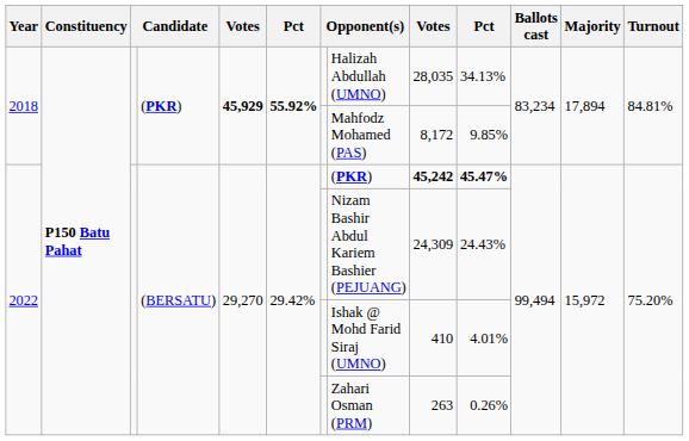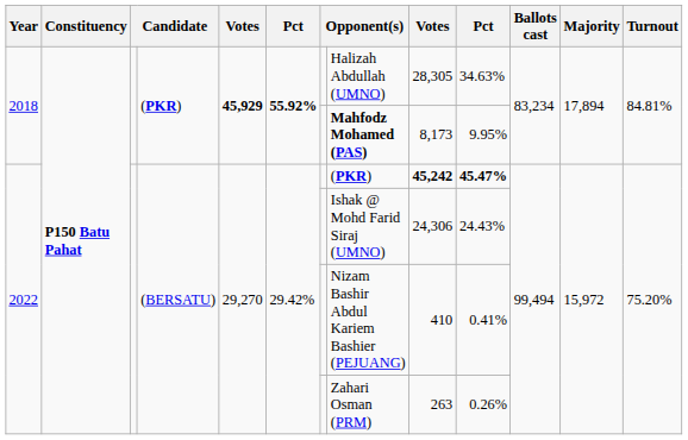 <table class="wikitable" style="margin:0.5em ; font-size:95%">
 <tr>
 <th>Year</th>
 <th>Constituency</th>
 <th colspan=2>Candidate</th>
 <th>Votes</th>
 <th>Pct</th>
 <th colspan=2>Opponent(s)</th>
 <th>Votes</th>
 <th>Pct</th>
 <th>Ballots cast</th>
 <th>Majority</th>
 <th>Turnout</th>
 </tr>
 <tr>
 <td rowspan="2"><a href='#'>2018</a></td>
 <td rowspan="6"><strong>P150 <a href='#'>Batu Pahat</a></strong></td>
 <td rowspan="2" ></td>
 <td rowspan="2"> (<a href='#'><strong>PKR</strong></a>)</td>
 <td rowspan="2" align="right"><strong>45,929</strong></td>
 <td rowspan="2"><strong>55.92%</strong></td>
 <td></td>
 <td>Halizah Abdullah (<a href='#'>UMNO</a>)</td>
-<td align="right">28,035</td>
-<td>34.13%</td>
+<td align="right">28,305</td>
+<td>34.63%</td>
 <td rowspan="2">83,234</td>
 <td rowspan="2">17,894</td>
 <td rowspan="2">84.81%</td>
 </tr>
 <tr>
 <td></td>
-<td>Mahfodz Mohamed (<a href='#'>PAS</a>)</td>
-<td align="right">8,172</td>
-<td align="right">9.85%</td>
+<td><strong>Mahfodz Mohamed (<a href='#'>PAS</a>)</strong></td>
+<td align="right">8,173</td>
+<td align="right">9.95%</td>
 </tr>
 <tr>
 <td rowspan="4"><a href='#'>2022</a></td>
 <td rowspan="4" bgcolor=></td>
 <td rowspan="4"> (<a href='#'>BERSATU</a>)</td>
 <td rowspan="4" align="right">29,270</td>
 <td rowspan="4">29.42%</td>
 <td></td>
 <td> (<a href='#'><strong>PKR</strong></a>)</td>
 <td align="right"><strong>45,242</strong></td>
 <td><strong>45.47%</strong></td>
 <td rowspan="4">99,494</td>
 <td rowspan="4">15,972</td>
 <td rowspan="4">75.20%</td>
 </tr>
 <tr>
 <td></td>
-<td>Nizam Bashir Abdul Kariem Bashier (<a href='#'>PEJUANG</a>)</td>
-<td align="right">24,309</td>
+<td>Ishak @ Mohd Farid Siraj (<a href='#'>UMNO</a>)</td>
+<td align="right">24,306</td>
 <td>24.43%</td>
 </tr>
 <tr>
 <td></td>
-<td>Ishak @ Mohd Farid Siraj (<a href='#'>UMNO</a>)</td>
+<td>Nizam Bashir Abdul Kariem Bashier (<a href='#'>PEJUANG</a>)</td>
 <td align="right">410</td>
-<td align="right">4.01%</td>
+<td align="right">0.41%</td>
 </tr>
 <tr>
 <td bgcolor=></td>
 <td>Zahari Osman (<a href='#'>PRM</a>)</td>
 <td align="right">263</td>
 <td align="right">0.26%</td>
 </tr>
 </table>
